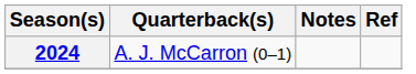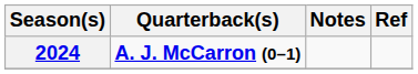 <table class="wikitable plainrowheaders">
 <tr>
 <th>Season(s)</th>
 <th>Quarterback(s)</th>
 <th>Notes</th>
 <th>Ref</th>
 </tr>
 <tr>
 <th scope="row"><a href='#'>2024</a></th>
-<td><a href='#'>A. J. McCarron</a> <small>(0–1)</small></td>
+<td><strong><a href='#'>A. J. McCarron</a> <small>(0–1)</small></strong></td>
 <td></td>
 <td></td>
 </tr>
 <tr>
 </tr>
 </table>
